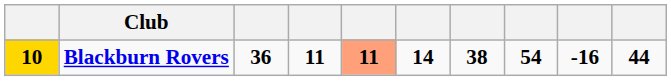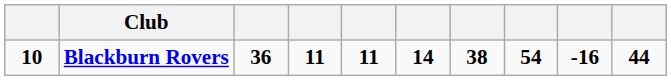 <table class="wikitable" style="text-align:center;border:1px solid #AAAAAA;font-size:90%">
 <tr>
 <th width=30></th>
 <th>Club</th>
 <th width=30></th>
 <th width=30></th>
 <th width=30></th>
 <th width=30></th>
 <th width=30></th>
 <th width=30></th>
 <th width=30></th>
 <th width=30></th>
 </tr>
 <tr>
-<td style="background: gold;"><strong>10</strong></td>
+<td><strong>10</strong></td>
 <td align=left><strong><a href='#'>Blackburn Rovers</a></strong></td>
 <td><strong>36</strong></td>
 <td><strong>11</strong></td>
-<td style="background: lightsalmon;"><strong>11</strong></td>
+<td><strong>11</strong></td>
 <td><strong>14</strong></td>
 <td><strong>38</strong></td>
 <td><strong>54</strong></td>
 <td><strong>-16</strong></td>
 <td><strong>44</strong></td>
 </tr>
 </table>
